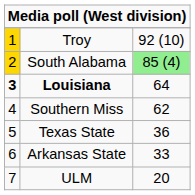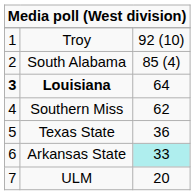 <table class="wikitable" style="display: inline-table;">
 <tr>
 <td align="center" Colspan="3"><strong>Media poll (West division)</strong></td>
 </tr>
 <tr align="center">
 </tr>
 <tr align="center">
-<td style="background: gold;">1</td>
+<td>1</td>
 <td>Troy</td>
 <td>92 (10)</td>
 </tr>
 <tr align="center">
-<td style="background: gold;">2</td>
+<td>2</td>
 <td>South Alabama</td>
-<td style="background: lightgreen;">85 (4)</td>
+<td>85 (4)</td>
 </tr>
 <tr align="center">
 <td><strong>3</strong></td>
 <td><strong>Louisiana</strong></td>
 <td>64</td>
 </tr>
 <tr align="center">
 <td>4</td>
 <td>Southern Miss</td>
 <td>62</td>
 </tr>
 <tr align="center">
 <td>5</td>
 <td>Texas State</td>
 <td>36</td>
 </tr>
 <tr align="center">
 <td>6</td>
 <td>Arkansas State</td>
-<td>33</td>
+<td style="background: paleturquoise;">33</td>
 </tr>
 <tr align="center">
 <td>7</td>
 <td>ULM</td>
 <td>20</td>
 </tr>
 </table>
